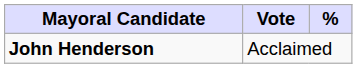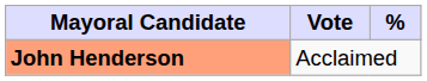 <table class="wikitable">
 <tr>
 <th style="background:#ddf; width:200px;">Mayoral Candidate </th>
 <th style="background:#ddf; width:50px;">Vote</th>
 <th style="background:#ddf; width:30px;">%</th>
 </tr>
 <tr>
-<td><strong>John Henderson</strong></td>
+<td style="background: lightsalmon;"><strong>John Henderson</strong></td>
 <td colspan="2">Acclaimed</td>
 </tr>
 </table>
